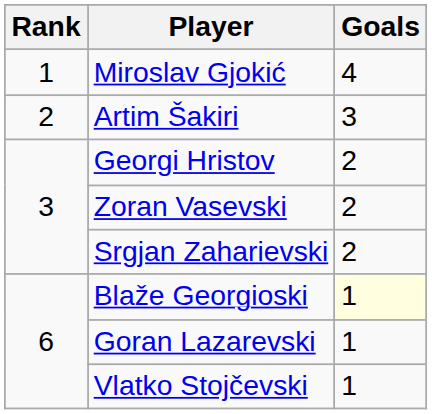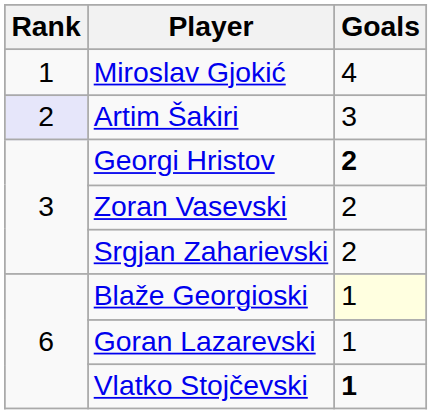 <table class="wikitable">
 <tr>
 <th>Rank</th>
 <th>Player</th>
 <th>Goals</th>
 </tr>
 <tr>
 <td align=center>1</td>
 <td><a href='#'>Miroslav Gjokić</a></td>
 <td>4</td>
 </tr>
 <tr>
-<td align=center>2</td>
+<td align=center style="background: lavender;">2</td>
 <td><a href='#'>Artim Šakiri</a></td>
 <td>3</td>
 </tr>
 <tr>
 <td align=center rowspan=3>3</td>
 <td><a href='#'>Georgi Hristov</a></td>
-<td>2</td>
+<td><strong>2</strong></td>
 </tr>
 <tr>
 <td><a href='#'>Zoran Vasevski</a></td>
 <td>2</td>
 </tr>
 <tr>
 <td><a href='#'>Srgjan Zaharievski</a></td>
 <td>2</td>
 </tr>
 <tr>
 <td align=center rowspan=3>6</td>
 <td><a href='#'>Blaže Georgioski</a></td>
 <td style="background: lightyellow;">1</td>
 </tr>
 <tr>
 <td><a href='#'>Goran Lazarevski</a></td>
 <td>1</td>
 </tr>
 <tr>
 <td><a href='#'>Vlatko Stojčevski</a></td>
-<td>1</td>
+<td><strong>1</strong></td>
 </tr>
 </table>
